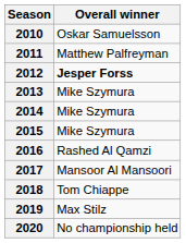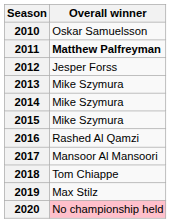 <table class="wikitable" style="font-size: 95%;">
 <tr>
 <th>Season</th>
 <th>Overall winner</th>
 </tr>
 <tr>
 <th>2010</th>
 <td> Oskar Samuelsson</td>
 </tr>
 <tr>
 <th>2011</th>
-<td> Matthew Palfreyman</td>
+<td><strong> Matthew Palfreyman</strong></td>
 </tr>
 <tr>
 <th>2012</th>
-<td><strong> Jesper Forss</strong></td>
+<td> Jesper Forss</td>
 </tr>
 <tr>
 <th>2013</th>
 <td> Mike Szymura</td>
 </tr>
 <tr>
 <th>2014</th>
 <td> Mike Szymura</td>
 </tr>
 <tr>
 <th>2015</th>
 <td> Mike Szymura</td>
 </tr>
 <tr>
 <th>2016</th>
 <td> Rashed Al Qamzi</td>
 </tr>
 <tr>
 <th>2017</th>
 <td> Mansoor Al Mansoori</td>
 </tr>
 <tr>
 <th>2018</th>
 <td> Tom Chiappe</td>
 </tr>
 <tr>
 <th>2019</th>
 <td> Max Stilz</td>
 </tr>
 <tr>
 <th>2020</th>
-<td>No championship held</td>
+<td style="background: pink;">No championship held</td>
 </tr>
 </table>
